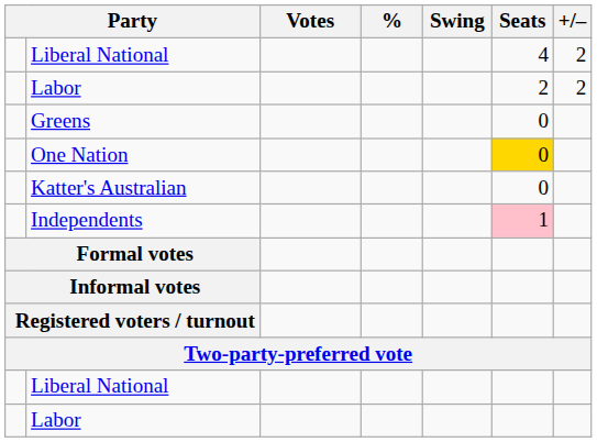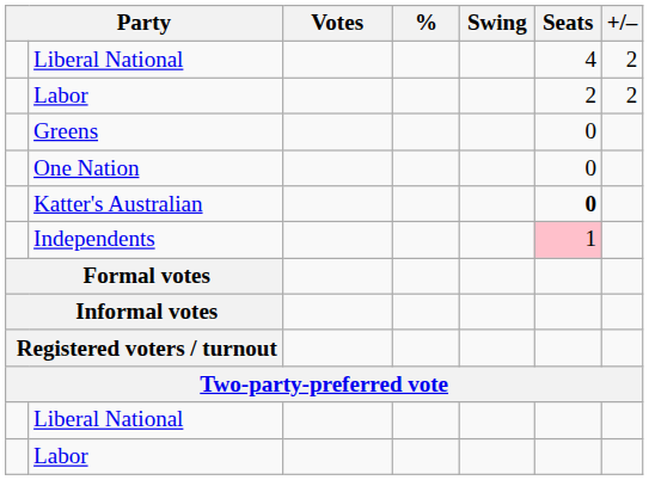 <table class="wikitable" style="text-align:right;  margin-bottom:0">
 <tr>
 <th style="width:10px" colspan=3>Party</th>
 <th style="width:70px;">Votes</th>
 <th style="width:40px;">%</th>
 <th style="width:45px;">Swing</th>
 <th style="width:40px;">Seats</th>
 <th>+/–</th>
 </tr>
 <tr>
 <td> </td>
 <td style="text-align:left;" colspan="2"><a href='#'>Liberal National</a></td>
 <td></td>
 <td></td>
 <td></td>
 <td>4</td>
 <td> 2</td>
 </tr>
 <tr>
 <td> </td>
 <td style="text-align:left;" colspan="2"><a href='#'>Labor</a></td>
 <td></td>
 <td></td>
 <td></td>
 <td>2</td>
 <td> 2</td>
 </tr>
 <tr>
 <td> </td>
 <td style="text-align:left;" colspan="2"><a href='#'>Greens</a></td>
 <td></td>
 <td></td>
 <td></td>
 <td>0</td>
 <td></td>
 </tr>
 <tr>
 <td> </td>
 <td style="text-align:left;" colspan="2"><a href='#'>One Nation</a></td>
 <td></td>
 <td></td>
 <td></td>
-<td style="background: gold;">0</td>
+<td>0</td>
 <td></td>
 </tr>
 <tr>
 <td> </td>
 <td style="text-align:left;" colspan="2"><a href='#'>Katter's Australian</a></td>
 <td></td>
 <td></td>
 <td></td>
-<td>0</td>
+<td><strong>0</strong></td>
 <td></td>
 </tr>
 <tr>
 <td> </td>
 <td colspan="2" style="text-align:left;"><a href='#'>Independents</a></td>
 <td></td>
 <td></td>
 <td></td>
 <td style="background: pink;">1</td>
 <td></td>
 </tr>
 <tr>
 <th colspan="3" rowspan="1"> Formal votes</th>
 <td></td>
 <td></td>
 <td></td>
 <td></td>
 <td></td>
 </tr>
 <tr>
 <th colspan="3" rowspan="1"> Informal votes</th>
 <td></td>
 <td></td>
 <td></td>
 <td></td>
 <td></td>
 </tr>
 <tr>
 <th colspan="3" rowspan="1"> Registered voters / turnout</th>
 <td></td>
 <td></td>
 <td></td>
 <td></td>
 <td></td>
 </tr>
 <tr>
 <th colspan="8"><a href='#'>Two-party-preferred vote</a></th>
 </tr>
 <tr>
 <td></td>
 <td style="text-align:left;" colspan="2"><a href='#'>Liberal National</a></td>
 <td></td>
 <td></td>
 <td></td>
 <td></td>
 <td></td>
 </tr>
 <tr>
 <td></td>
 <td style="text-align:left;" colspan="2"><a href='#'>Labor</a></td>
 <td></td>
 <td></td>
 <td></td>
 <td></td>
 <td></td>
 </tr>
 </table>
